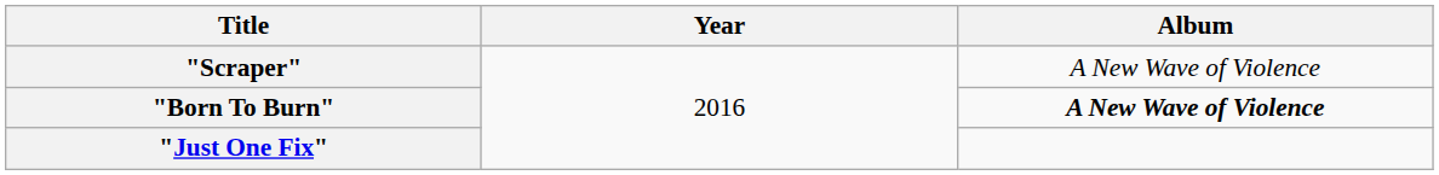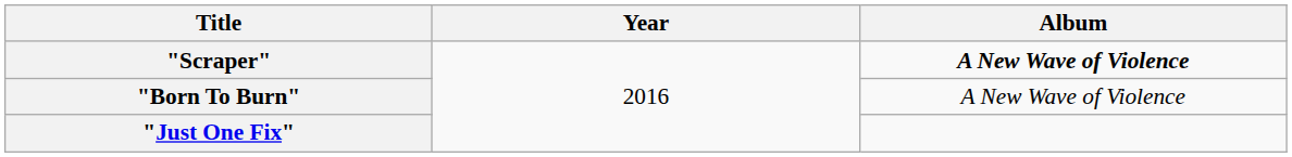 <table class="wikitable plainrowheaders" style="text-align:center;">
 <tr>
 <th scope="col" style="width:18em;">Title</th>
 <th scope="col" style="width:18em;">Year</th>
 <th scope="col" style="width:18em;">Album</th>
 </tr>
 <tr>
 <th scope="row">"Scraper"</th>
 <td rowspan="3">2016</td>
-<td><em>A New Wave of Violence</em></td>
+<td><strong><em>A New Wave of Violence</em></strong></td>
 </tr>
 <tr>
 <th scope="row">"Born To Burn"</th>
-<td><strong><em>A New Wave of Violence</em></strong></td>
+<td><em>A New Wave of Violence</em></td>
 </tr>
 <tr>
 <th scope="row">"<a href='#'>Just One Fix</a>"</th>
 <td></td>
 </tr>
 </table>
